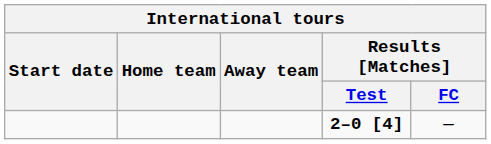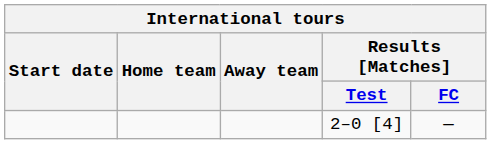 <table class="wikitable" style="text-align:center;">
 <tr>
 <th colspan="7">International tours</th>
 </tr>
 <tr>
 <th rowspan="2">Start date</th>
 <th rowspan="2">Home team</th>
 <th rowspan="2">Away team</th>
 <th colspan="2">Results [Matches]</th>
 </tr>
 <tr>
 <th width=60px><a href='#'>Test</a></th>
 <th width=50px><a href='#'>FC</a></th>
 </tr>
 <tr>
 <td><a href='#'></a></td>
 <td style="text-align:left"></td>
 <td style="text-align:left"></td>
-<td><strong>2–0 [4]</strong></td>
+<td>2–0 [4]</td>
 <td ; style="text-align:center">—</td>
 </tr>
 </table>
